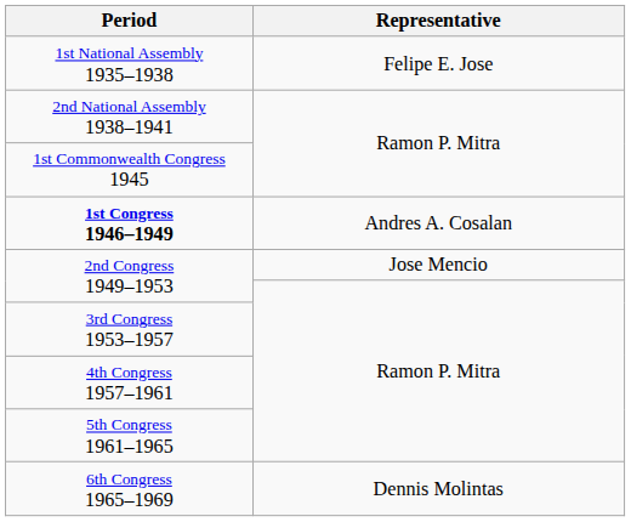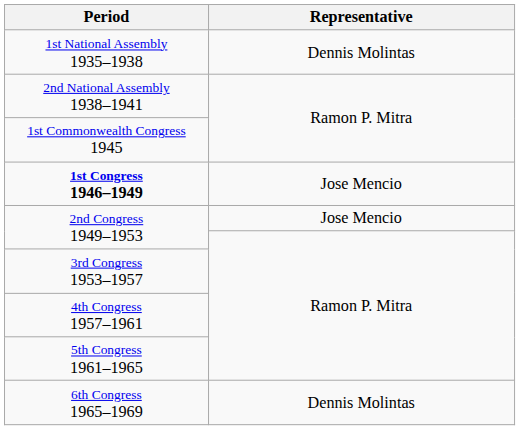 <table class="wikitable" style="text-align:center; width:40%;">
 <tr>
 <th width="40%">Period</th>
 <th>Representative</th>
 </tr>
 <tr>
 <td><small><a href='#'>1st National Assembly</a></small><br>1935–1938</td>
-<td>Felipe E. Jose</td>
+<td>Dennis Molintas</td>
 </tr>
 <tr>
 <td><small><a href='#'>2nd National Assembly</a></small><br>1938–1941</td>
 <td rowspan="2">Ramon P. Mitra</td>
 </tr>
 <tr>
 <td><small><a href='#'>1st Commonwealth Congress</a></small><br>1945</td>
 </tr>
 <tr>
 <td><strong><small><a href='#'>1st Congress</a></small><br>1946–1949</strong></td>
-<td>Andres A. Cosalan</td>
+<td>Jose Mencio</td>
 </tr>
 <tr>
 <td rowspan="2"><small><a href='#'>2nd Congress</a></small><br>1949–1953</td>
 <td>Jose Mencio</td>
 </tr>
 <tr>
 <td rowspan="4">Ramon P. Mitra</td>
 </tr>
 <tr>
 <td><small><a href='#'>3rd Congress</a></small><br>1953–1957</td>
 </tr>
 <tr>
 <td><small><a href='#'>4th Congress</a></small><br>1957–1961</td>
 </tr>
 <tr>
 <td><small><a href='#'>5th Congress</a></small><br>1961–1965</td>
 </tr>
 <tr>
 <td><small><a href='#'>6th Congress</a></small><br>1965–1969</td>
 <td>Dennis Molintas</td>
 </tr>
 </table>
